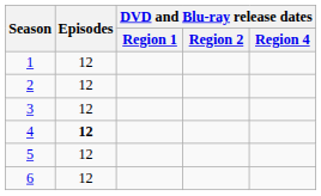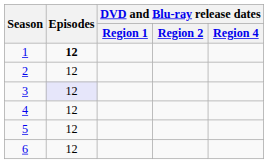 <table class="wikitable plainrowheaders" style="text-align: center;">
 <tr>
 <th scope="col" rowspan="2">Season</th>
 <th scope="col" rowspan="2">Episodes</th>
 <th scope="col" colspan="4"><a href='#'>DVD</a> and <a href='#'>Blu-ray</a> release dates</th>
 </tr>
 <tr>
 <th scope="col"><a href='#'>Region 1</a></th>
 <th scope="col"><a href='#'>Region 2</a></th>
 <th scope="col"><a href='#'>Region 4</a></th>
 </tr>
 <tr>
 <td scope="row"><a href='#'>1</a></td>
-<td>12</td>
+<td><strong>12</strong></td>
 <td></td>
 <td></td>
 <td></td>
 </tr>
 <tr>
 <td scope="row"><a href='#'>2</a></td>
 <td>12</td>
 <td></td>
 <td></td>
 <td></td>
 </tr>
 <tr>
 <td scope="row"><a href='#'>3</a></td>
-<td>12</td>
+<td style="background: lavender;">12</td>
 <td></td>
 <td></td>
 <td></td>
 </tr>
 <tr>
 <td scope="row"><a href='#'>4</a></td>
-<td><strong>12</strong></td>
+<td>12</td>
 <td></td>
 <td></td>
 <td></td>
 </tr>
 <tr>
 <td scope="row"><a href='#'>5</a></td>
 <td>12</td>
 <td></td>
 <td></td>
 <td></td>
 </tr>
 <tr>
 <td scope="row"><a href='#'>6</a></td>
 <td>12</td>
 <td></td>
 <td></td>
 <td></td>
 </tr>
 </table>
